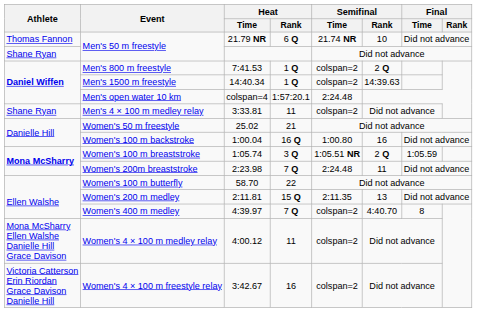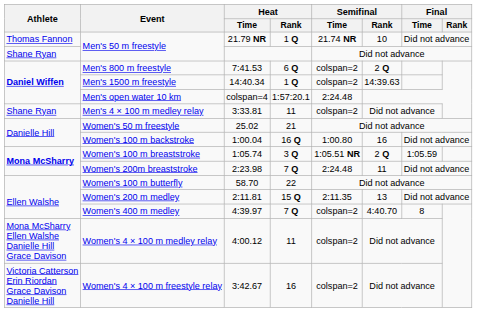 <table class=wikitable style="font-size:90%;">
 <tr>
 <th rowspan=2>Athlete</th>
 <th rowspan=2>Event</th>
 <th colspan=2>Heat</th>
 <th colspan=2>Semifinal</th>
 <th colspan=2>Final</th>
 </tr>
 <tr style="font-size:95%">
 <th>Time</th>
 <th>Rank</th>
 <th>Time</th>
 <th>Rank</th>
 <th>Time</th>
 <th>Rank</th>
 </tr>
 <tr align=center>
 <td align=left><a href='#'>Thomas Fannon</a></td>
 <td rowspan="2" align=left><a href='#'>Men's 50 m freestyle</a></td>
 <td>21.79 <strong>NR</strong></td>
-<td>6 <strong>Q</strong></td>
+<td>1 <strong>Q</strong></td>
 <td>21.74 <strong>NR</strong></td>
 <td>10</td>
 <td colspan=2>Did not advance</td>
 </tr>
 <tr align=center>
 <td align=left><a href='#'>Shane Ryan</a></td>
 <td colspan=2></td>
 <td colspan=4>Did not advance</td>
 </tr>
 <tr align=center>
 <td rowspan="3" align="left"><strong><a href='#'>Daniel Wiffen</a></strong></td>
 <td align=left><a href='#'>Men's 800 m freestyle</a></td>
 <td>7:41.53</td>
-<td>1 <strong>Q</strong></td>
+<td>6 <strong>Q</strong></td>
 <td>colspan=2 </td>
 <td>2 <strong>Q</strong></td>
 <td></td>
 </tr>
 <tr align=center>
 <td align=left><a href='#'>Men's 1500 m freestyle</a></td>
 <td>14:40.34</td>
 <td>1 <strong>Q</strong></td>
 <td>colspan=2 </td>
 <td>14:39.63</td>
 <td></td>
 </tr>
 <tr align=center>
 <td align=left><a href='#'>Men's open water 10 km</a></td>
 <td>colspan=4 </td>
 <td>1:57:20.1</td>
 <td>2:24.48</td>
 </tr>
 <tr align=center>
 <td align=left><a href='#'>Shane Ryan</a></td>
 <td align=left><a href='#'>Men's 4 × 100 m medley relay</a></td>
 <td>3:33.81</td>
 <td>11</td>
 <td>colspan=2 </td>
 <td colspan=2>Did not advance</td>
 </tr>
 <tr align=center>
 <td rowspan="2" align="left"><a href='#'>Danielle Hill</a></td>
 <td align=left><a href='#'>Women's 50 m freestyle</a></td>
 <td>25.02</td>
 <td>21</td>
 <td colspan=4>Did not advance</td>
 </tr>
 <tr align=center>
 <td align=left><a href='#'>Women's 100 m backstroke</a></td>
 <td>1:00.04</td>
 <td>16 <strong>Q</strong></td>
 <td>1:00.80</td>
 <td>16</td>
 <td colspan="2">Did not advance</td>
 </tr>
 <tr align=center>
 <td rowspan="2" align="left"><strong><a href='#'>Mona McSharry</a></strong></td>
 <td align=left><a href='#'>Women's 100 m breaststroke</a></td>
 <td>1:05.74</td>
 <td>3 <strong>Q</strong></td>
 <td>1:05.51 <strong>NR</strong></td>
 <td>2 <strong>Q</strong></td>
 <td>1:05.59</td>
 <td></td>
 </tr>
 <tr align=center>
 <td align=left><a href='#'>Women's 200m breaststroke</a></td>
 <td>2:23.98</td>
 <td>7 <strong>Q</strong></td>
 <td>2:24.48</td>
 <td>11</td>
 <td colspan="2">Did not advance</td>
 </tr>
 <tr align="center">
 <td rowspan="3" align="left"><br><a href='#'>Ellen Walshe</a></td>
 <td align="left"><a href='#'>Women's 100 m butterfly</a></td>
 <td>58.70</td>
 <td>22</td>
 <td colspan="4">Did not advance</td>
 </tr>
 <tr align="center">
 <td align="left"><a href='#'>Women's 200 m medley</a></td>
 <td>2:11.81</td>
 <td>15 <strong>Q</strong></td>
 <td>2:11.35</td>
 <td>13</td>
 <td colspan="2">Did not advance</td>
 </tr>
 <tr align="center">
 <td align="left"><a href='#'>Women's 400 m medley</a></td>
 <td>4:39.97</td>
 <td>7 <strong>Q</strong></td>
 <td>colspan=2 </td>
 <td>4:40.70</td>
 <td>8</td>
 </tr>
 <tr align=center>
 <td align=left><a href='#'>Mona McSharry</a><br><a href='#'>Ellen Walshe</a><br><a href='#'>Danielle Hill</a><br><a href='#'>Grace Davison</a></td>
 <td align=left><a href='#'>Women's 4 × 100 m medley relay</a></td>
 <td>4:00.12</td>
 <td>11</td>
 <td>colspan=2 </td>
 <td colspan=2>Did not advance</td>
 </tr>
 <tr align=center>
 <td align=left><a href='#'>Victoria Catterson</a><br><a href='#'>Erin Riordan</a><br><a href='#'>Grace Davison</a><br><a href='#'>Danielle Hill</a></td>
 <td align=left><a href='#'>Women's 4 × 100 m freestyle relay</a></td>
 <td>3:42.67</td>
 <td>16</td>
 <td>colspan=2 </td>
 <td colspan="2">Did not advance</td>
 </tr>
 </table>
